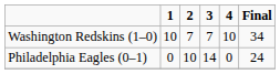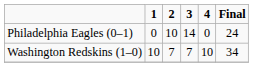 <table class="wikitable" 80%>
 <tr align="center">
 <td></td>
 <td><strong>1</strong></td>
 <td><strong>2</strong></td>
 <td><strong>3</strong></td>
 <td><strong>4</strong></td>
 <td><strong>Final</strong></td>
 </tr>
 <tr align="center" bgcolor="">
+<td – align="left">Philadelphia Eagles (0–1)</td>
+<td>0</td>
+<td>10</td>
+<td>14</td>
+<td>0</td>
+<td>24</td>
+</tr>
+<tr align="center" bgcolor="">
 <td – align="left">Washington Redskins (1–0)</td>
 <td>10</td>
 <td>7</td>
 <td>7</td>
 <td>10</td>
 <td>34</td>
 </tr>
 <tr align="center" bgcolor="">
-<td – align="left">Philadelphia Eagles (0–1)</td>
-<td>0</td>
-<td>10</td>
-<td>14</td>
-<td>0</td>
-<td>24</td>
-</tr>
-<tr align="center" bgcolor="">
 </tr>
 </table>
